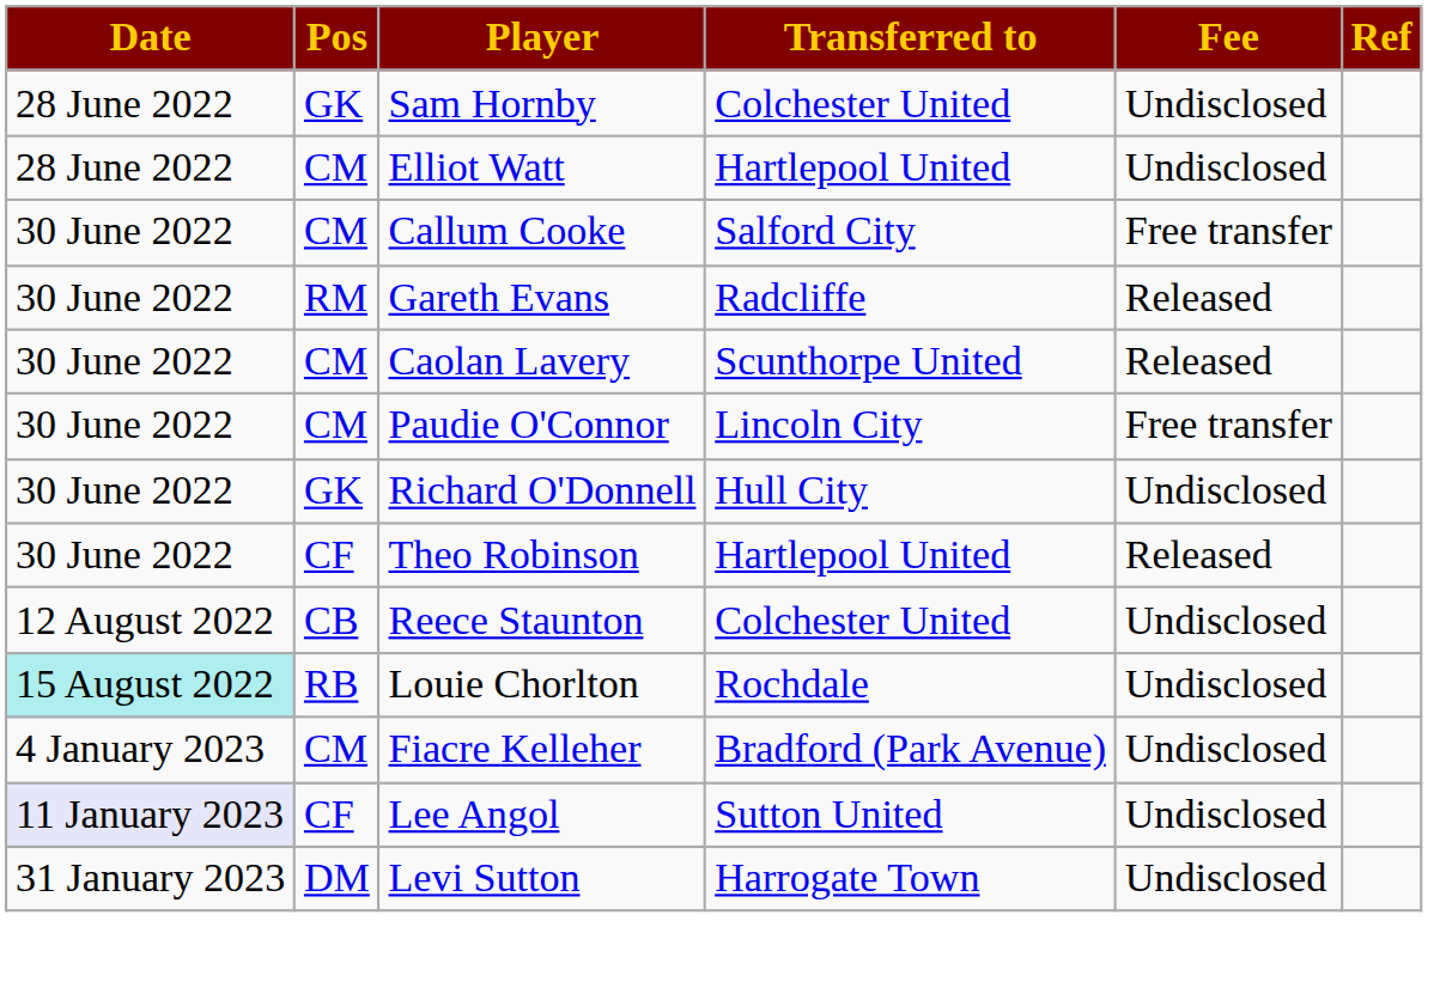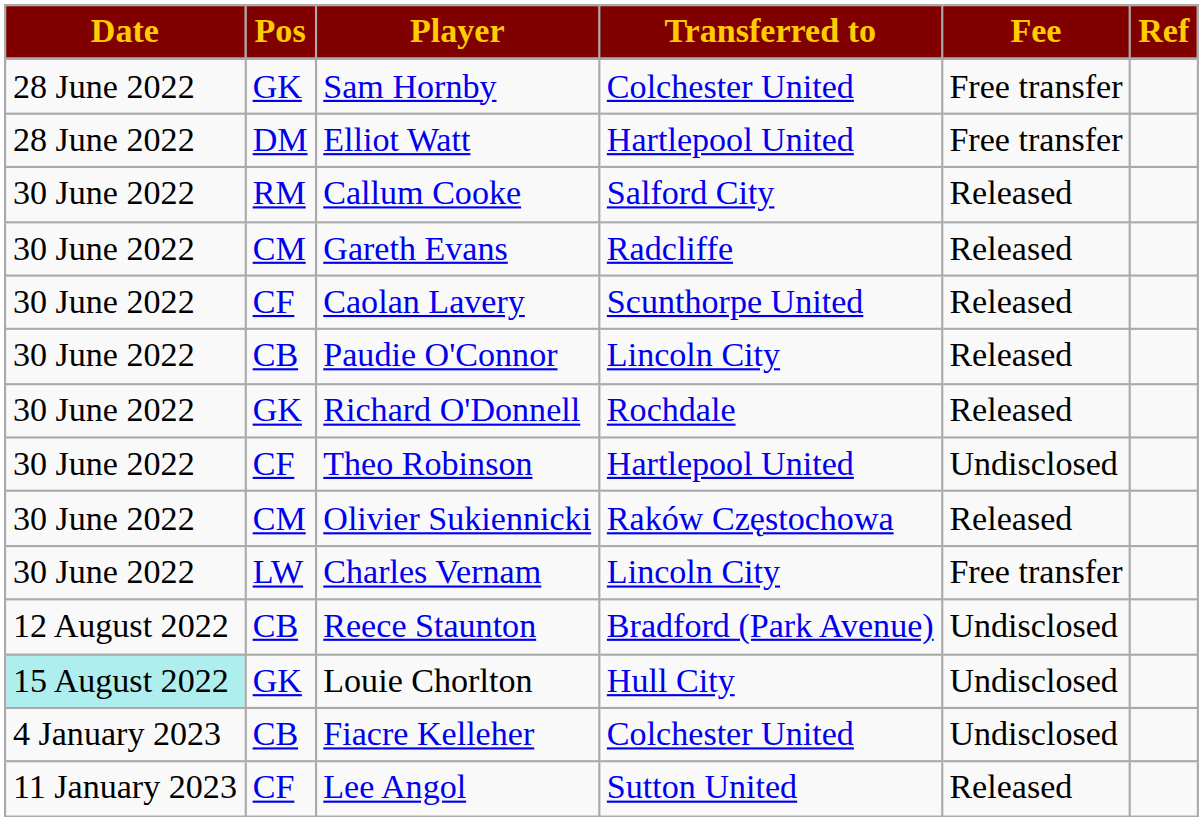 <table class="wikitable plainrowheaders sortable">
 <tr>
 <th style="background:#800000; color:#ffCC00; ">Date</th>
 <th style="background:#800000; color:#ffCC00; ">Pos</th>
 <th style="background:#800000; color:#ffCC00; ">Player</th>
 <th style="background:#800000; color:#ffCC00; ">Transferred to</th>
 <th style="background:#800000; color:#ffCC00; ">Fee</th>
 <th style="background:#800000; color:#ffCC00; ">Ref</th>
 </tr>
 <tr>
 <td>28 June 2022</td>
 <td><a href='#'>GK</a></td>
 <td> <a href='#'>Sam Hornby</a></td>
 <td> <a href='#'>Colchester United</a></td>
-<td>Undisclosed</td>
+<td>Free transfer</td>
 <td></td>
 </tr>
 <tr>
 <td>28 June 2022</td>
+<td><a href='#'>DM</a></td>
+<td> <a href='#'>Elliot Watt</a></td>
+<td> <a href='#'>Hartlepool United</a></td>
+<td>Free transfer</td>
+<td></td>
+</tr>
+<tr>
+<td>30 June 2022</td>
+<td><a href='#'>RM</a></td>
+<td> <a href='#'>Callum Cooke</a></td>
+<td> <a href='#'>Salford City</a></td>
+<td>Released</td>
+<td></td>
+</tr>
+<tr>
+<td>30 June 2022</td>
 <td><a href='#'>CM</a></td>
-<td> <a href='#'>Elliot Watt</a></td>
+<td> <a href='#'>Gareth Evans</a></td>
+<td> <a href='#'>Radcliffe</a></td>
+<td>Released</td>
+<td></td>
+</tr>
+<tr>
+<td>30 June 2022</td>
+<td><a href='#'>CF</a></td>
+<td> <a href='#'>Caolan Lavery</a></td>
+<td> <a href='#'>Scunthorpe United</a></td>
+<td>Released</td>
+<td></td>
+</tr>
+<tr>
+<td>30 June 2022</td>
+<td><a href='#'>CB</a></td>
+<td> <a href='#'>Paudie O'Connor</a></td>
+<td> <a href='#'>Lincoln City</a></td>
+<td>Released</td>
+<td></td>
+</tr>
+<tr>
+<td>30 June 2022</td>
+<td><a href='#'>GK</a></td>
+<td> <a href='#'>Richard O'Donnell</a></td>
+<td> <a href='#'>Rochdale</a></td>
+<td>Released</td>
+<td></td>
+</tr>
+<tr>
+<td>30 June 2022</td>
+<td><a href='#'>CF</a></td>
+<td> <a href='#'>Theo Robinson</a></td>
 <td> <a href='#'>Hartlepool United</a></td>
 <td>Undisclosed</td>
 <td></td>
 </tr>
 <tr>
 <td>30 June 2022</td>
 <td><a href='#'>CM</a></td>
-<td> <a href='#'>Callum Cooke</a></td>
-<td> <a href='#'>Salford City</a></td>
-<td>Free transfer</td>
-<td></td>
-</tr>
-<tr>
-<td>30 June 2022</td>
-<td><a href='#'>RM</a></td>
-<td> <a href='#'>Gareth Evans</a></td>
-<td> <a href='#'>Radcliffe</a></td>
+<td> <a href='#'>Olivier Sukiennicki</a></td>
+<td> <a href='#'>Raków Częstochowa</a></td>
 <td>Released</td>
 <td></td>
 </tr>
 <tr>
 <td>30 June 2022</td>
-<td><a href='#'>CM</a></td>
-<td> <a href='#'>Caolan Lavery</a></td>
-<td> <a href='#'>Scunthorpe United</a></td>
-<td>Released</td>
-<td></td>
-</tr>
-<tr>
-<td>30 June 2022</td>
-<td><a href='#'>CM</a></td>
-<td> <a href='#'>Paudie O'Connor</a></td>
+<td><a href='#'>LW</a></td>
+<td> <a href='#'>Charles Vernam</a></td>
 <td> <a href='#'>Lincoln City</a></td>
 <td>Free transfer</td>
-<td></td>
-</tr>
-<tr>
-<td>30 June 2022</td>
-<td><a href='#'>GK</a></td>
-<td> <a href='#'>Richard O'Donnell</a></td>
-<td> <a href='#'>Hull City</a></td>
-<td>Undisclosed</td>
-<td></td>
-</tr>
-<tr>
-<td>30 June 2022</td>
-<td><a href='#'>CF</a></td>
-<td> <a href='#'>Theo Robinson</a></td>
-<td> <a href='#'>Hartlepool United</a></td>
-<td>Released</td>
 <td></td>
 </tr>
 <tr>
 <td>12 August 2022</td>
 <td><a href='#'>CB</a></td>
 <td> <a href='#'>Reece Staunton</a></td>
+<td> <a href='#'>Bradford (Park Avenue)</a></td>
+<td>Undisclosed</td>
+<td></td>
+</tr>
+<tr>
+<td style="background: paleturquoise;">15 August 2022</td>
+<td><a href='#'>GK</a></td>
+<td> Louie Chorlton</td>
+<td> <a href='#'>Hull City</a></td>
+<td>Undisclosed</td>
+<td></td>
+</tr>
+<tr>
+<td>4 January 2023</td>
+<td><a href='#'>CB</a></td>
+<td> <a href='#'>Fiacre Kelleher</a></td>
 <td> <a href='#'>Colchester United</a></td>
 <td>Undisclosed</td>
 <td></td>
 </tr>
 <tr>
-<td style="background: paleturquoise;">15 August 2022</td>
-<td><a href='#'>RB</a></td>
-<td> Louie Chorlton</td>
-<td> <a href='#'>Rochdale</a></td>
-<td>Undisclosed</td>
-<td></td>
-</tr>
-<tr>
-<td>4 January 2023</td>
-<td><a href='#'>CM</a></td>
-<td> <a href='#'>Fiacre Kelleher</a></td>
-<td> <a href='#'>Bradford (Park Avenue)</a></td>
-<td>Undisclosed</td>
-<td></td>
-</tr>
-<tr>
-<td style="background: lavender;">11 January 2023</td>
+<td>11 January 2023</td>
 <td><a href='#'>CF</a></td>
 <td> <a href='#'>Lee Angol</a></td>
 <td> <a href='#'>Sutton United</a></td>
-<td>Undisclosed</td>
-<td></td>
-</tr>
-<tr>
-<td>31 January 2023</td>
-<td><a href='#'>DM</a></td>
-<td> <a href='#'>Levi Sutton</a></td>
-<td> <a href='#'>Harrogate Town</a></td>
-<td>Undisclosed</td>
+<td>Released</td>
 <td></td>
 </tr>
 </table>
